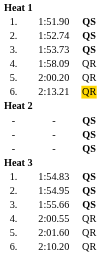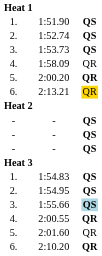 <table style="text-align:center">
 <tr>
 <td colspan=4 align=left><strong>Heat 1</strong></td>
 </tr>
 <tr>
 <td width=30>1.</td>
 <td align=left></td>
 <td width=80>1:51.90</td>
 <td><strong>QS</strong></td>
 </tr>
 <tr>
 <td>2.</td>
 <td align=left></td>
 <td>1:52.74</td>
 <td><strong>QS</strong></td>
 </tr>
 <tr>
 <td>3.</td>
 <td align=left></td>
 <td>1:53.73</td>
 <td><strong>QS</strong></td>
 </tr>
 <tr>
 <td>4.</td>
 <td align=left></td>
 <td>1:58.09</td>
 <td>QR</td>
 </tr>
 <tr>
 <td>5.</td>
 <td align=left></td>
 <td>2:00.20</td>
-<td>QR</td>
+<td><strong>QR</strong></td>
 </tr>
 <tr>
 <td>6.</td>
 <td align=left></td>
 <td>2:13.21</td>
 <td style="background: gold;">QR</td>
 </tr>
 <tr>
 <td colspan=4 align=left><strong>Heat 2</strong></td>
 </tr>
 <tr>
 <td>-</td>
 <td align=left></td>
 <td>-</td>
 <td><strong>QS</strong></td>
 </tr>
 <tr>
 <td>-</td>
 <td align=left></td>
 <td>-</td>
 <td><strong>QS</strong></td>
 </tr>
 <tr>
 <td>-</td>
 <td align=left></td>
 <td>-</td>
 <td><strong>QS</strong></td>
 </tr>
 <tr>
 <td colspan=4 align=left><strong>Heat 3</strong></td>
 </tr>
 <tr>
 <td>1.</td>
 <td align=left></td>
 <td>1:54.83</td>
 <td><strong>QS</strong></td>
 </tr>
 <tr>
 <td>2.</td>
 <td align=left></td>
 <td>1:54.95</td>
 <td><strong>QS</strong></td>
 </tr>
 <tr>
 <td>3.</td>
 <td align=left></td>
 <td>1:55.66</td>
-<td><strong>QS</strong></td>
+<td style="background: lightblue;"><strong>QS</strong></td>
 </tr>
 <tr>
 <td>4.</td>
 <td align=left></td>
 <td>2:00.55</td>
-<td>QR</td>
+<td><strong>QR</strong></td>
 </tr>
 <tr>
 <td>5.</td>
 <td align=left></td>
 <td>2:01.60</td>
 <td>QR</td>
 </tr>
 <tr>
 <td>6.</td>
 <td align=left></td>
 <td>2:10.20</td>
-<td>QR</td>
+<td><strong>QR</strong></td>
 </tr>
 </table>
